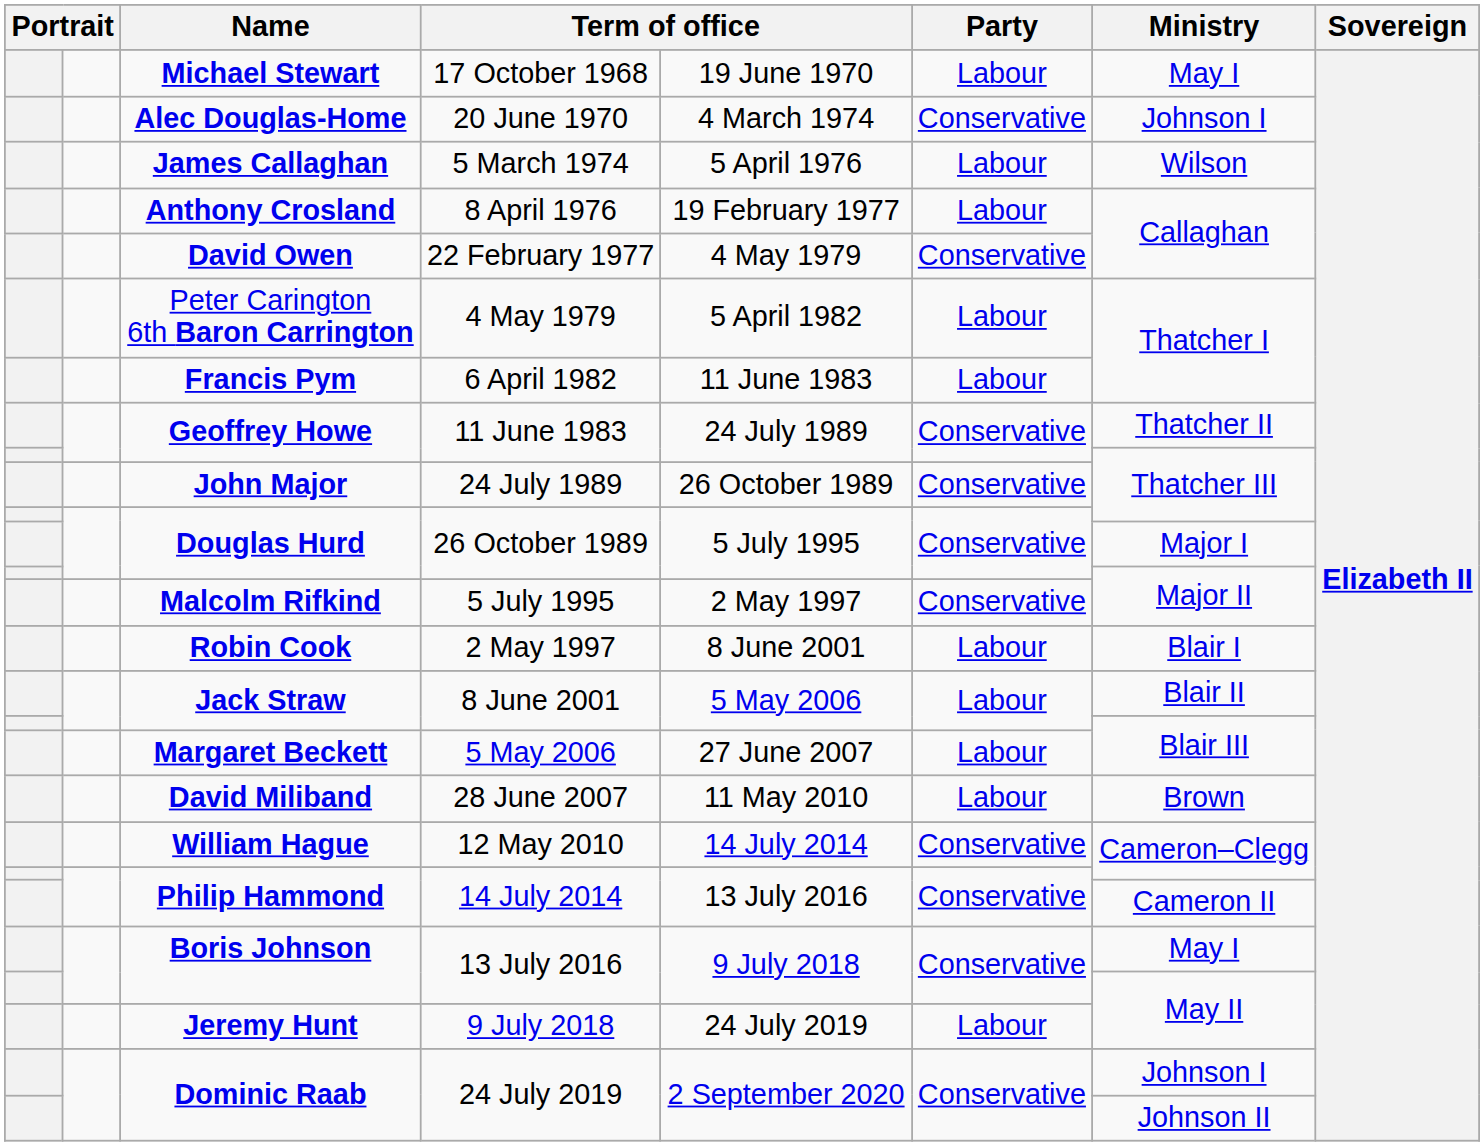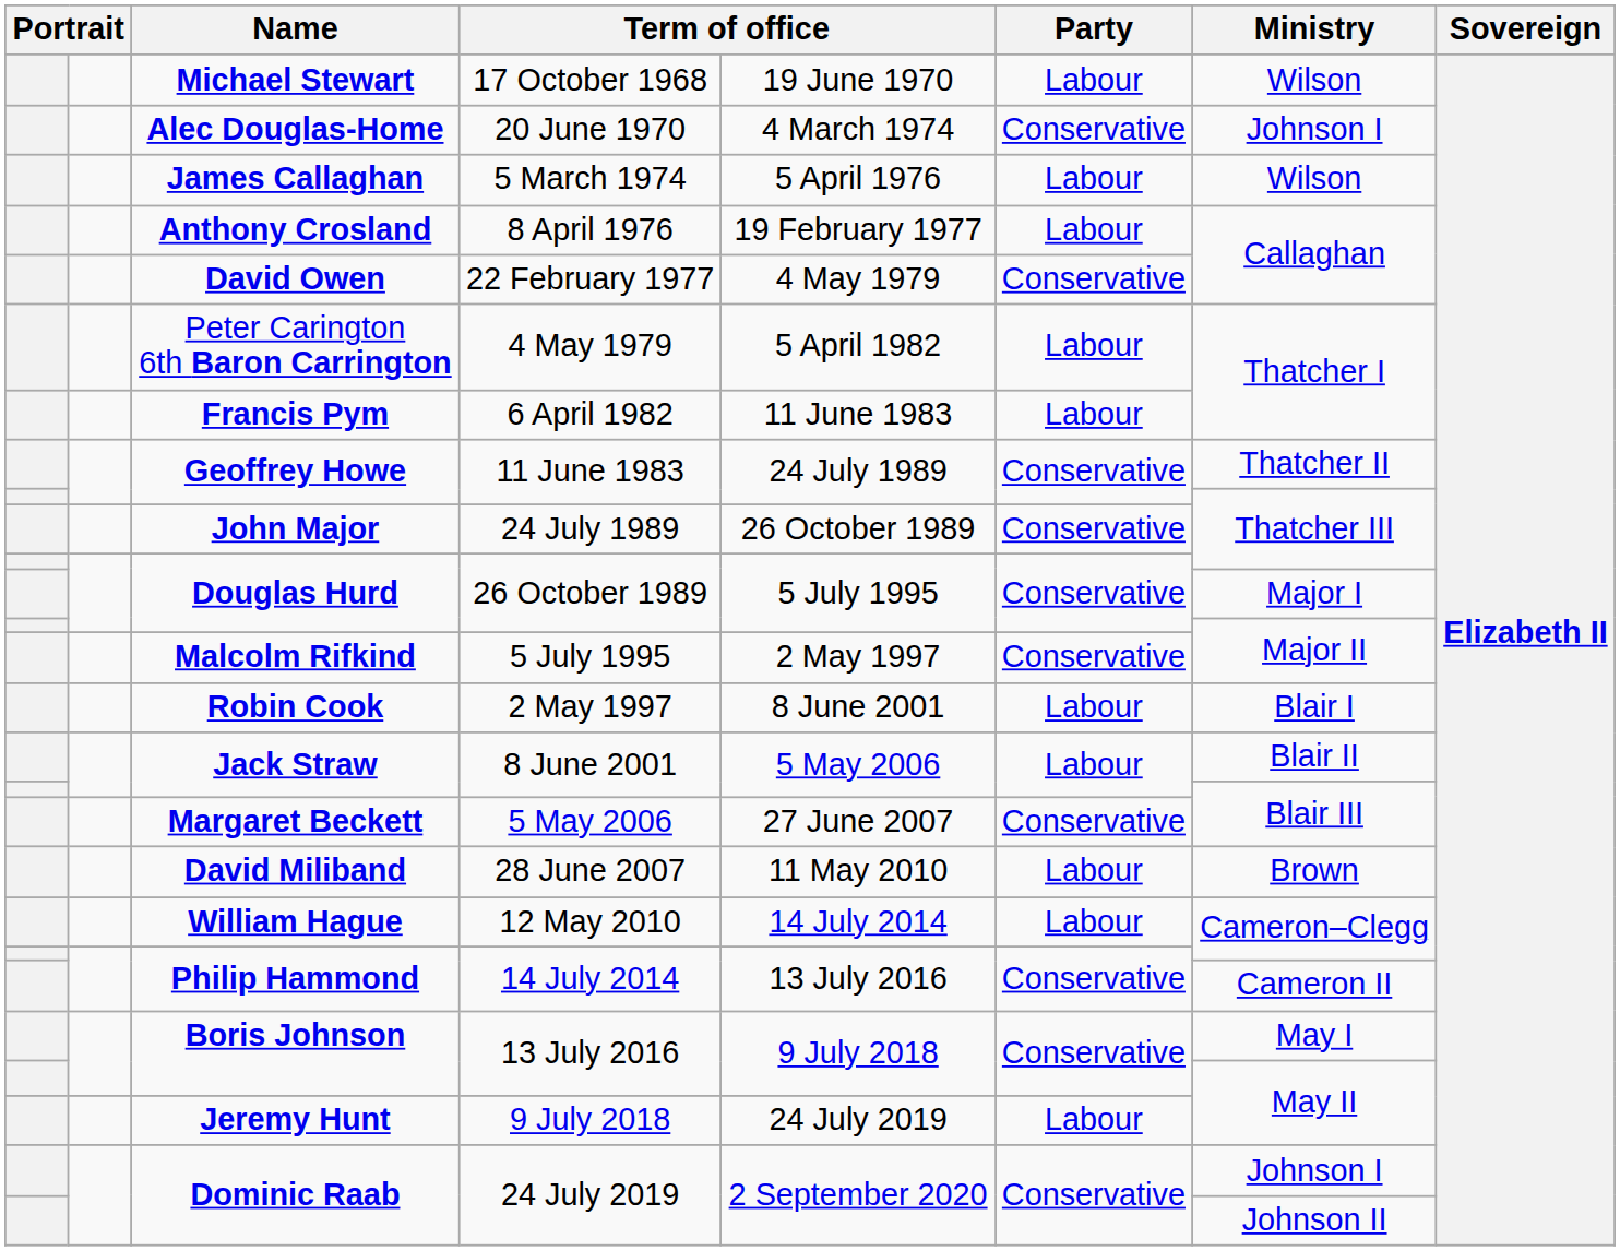 <table class="wikitable plainrowheaders" style="text-align:center">
 <tr>
 <th colspan=2>Portrait</th>
 <th>Name<br></th>
 <th colspan=2>Term of office</th>
 <th>Party</th>
 <th>Ministry</th>
 <th>Sovereign<br></th>
 </tr>
 <tr>
 <th style="background-color: "></th>
 <td></td>
 <td><strong><a href='#'>Michael Stewart</a></strong><br></td>
 <td>17 October 1968</td>
 <td>19 June 1970</td>
 <td><a href='#'>Labour</a></td>
-<td><a href='#'>May I</a></td>
+<td><a href='#'>Wilson<br></a></td>
 <th rowspan="27" scope="row" style="text-align:center"><strong><a href='#'>Elizabeth II</a></strong><br><br></th>
 </tr>
 <tr>
 <th style="background-color: "></th>
 <td></td>
 <td><strong><a href='#'>Alec Douglas-Home</a></strong><br></td>
 <td>20 June 1970</td>
 <td>4 March 1974</td>
 <td><a href='#'>Conservative</a></td>
 <td><a href='#'>Johnson I</a></td>
 </tr>
 <tr>
 <th style="background-color: "></th>
 <td></td>
 <td><strong><a href='#'>James Callaghan</a></strong><br></td>
 <td>5 March 1974</td>
 <td>5 April 1976</td>
 <td><a href='#'>Labour</a></td>
 <td><a href='#'>Wilson<br></a></td>
 </tr>
 <tr>
 <th style="background-color: "></th>
 <td></td>
 <td><strong><a href='#'>Anthony Crosland</a></strong><br></td>
 <td>8 April 1976</td>
 <td>19 February 1977</td>
 <td><a href='#'>Labour</a></td>
 <td rowspan=2 ><a href='#'>Callaghan</a></td>
 </tr>
 <tr>
 <th style="background-color: "></th>
 <td></td>
 <td><strong><a href='#'>David Owen</a></strong><br></td>
 <td>22 February 1977</td>
 <td>4 May 1979</td>
 <td><a href='#'>Conservative</a></td>
 </tr>
 <tr>
 <th style="background-color: "></th>
 <td></td>
 <td><a href='#'>Peter Carington<br>6th <strong>Baron Carrington</strong></a><br></td>
 <td>4 May 1979</td>
 <td>5 April 1982</td>
 <td><a href='#'>Labour</a></td>
 <td rowspan=2 ><a href='#'>Thatcher I</a></td>
 </tr>
 <tr>
 <th style="background-color: "></th>
 <td></td>
 <td><strong><a href='#'>Francis Pym</a></strong><br></td>
 <td>6 April 1982</td>
 <td>11 June 1983</td>
 <td><a href='#'>Labour</a></td>
 </tr>
 <tr>
 <th style="background-color: "></th>
 <td rowspan=2></td>
 <td rowspan=2><strong><a href='#'>Geoffrey Howe</a></strong><br></td>
 <td rowspan=2>11 June 1983</td>
 <td rowspan=2>24 July 1989</td>
 <td rowspan=2 ><a href='#'>Conservative</a></td>
 <td><a href='#'>Thatcher II</a></td>
 </tr>
 <tr>
 <th style="background-color: "></th>
 <td rowspan=3 ><a href='#'>Thatcher III</a></td>
 </tr>
 <tr>
 <th style="background-color: "></th>
 <td></td>
 <td><strong><a href='#'>John Major</a></strong><br></td>
 <td>24 July 1989</td>
 <td>26 October 1989</td>
 <td><a href='#'>Conservative</a></td>
 </tr>
 <tr>
 <th style="background-color: "></th>
 <td rowspan=3></td>
 <td rowspan=3><strong><a href='#'>Douglas Hurd</a></strong><br></td>
 <td rowspan=3>26 October 1989</td>
 <td rowspan=3>5 July 1995</td>
 <td rowspan=3 ><a href='#'>Conservative</a></td>
 </tr>
 <tr>
 <th style="background-color: "></th>
 <td><a href='#'>Major I</a></td>
 </tr>
 <tr>
 <th style="background-color: "></th>
 <td rowspan=2 ><a href='#'>Major II</a></td>
 </tr>
 <tr>
 <th style="background-color: "></th>
 <td></td>
 <td><strong><a href='#'>Malcolm Rifkind</a></strong><br></td>
 <td>5 July 1995</td>
 <td>2 May 1997</td>
 <td><a href='#'>Conservative</a></td>
 </tr>
 <tr>
 <th style="background-color: "></th>
 <td></td>
 <td><strong><a href='#'>Robin Cook</a></strong><br></td>
 <td>2 May 1997</td>
 <td>8 June 2001</td>
 <td><a href='#'>Labour</a></td>
 <td><a href='#'>Blair I</a></td>
 </tr>
 <tr>
 <th style="background-color: "></th>
 <td rowspan=2></td>
 <td rowspan=2><strong><a href='#'>Jack Straw</a></strong><br></td>
 <td rowspan=2>8 June 2001</td>
 <td rowspan=2><a href='#'>5 May 2006</a></td>
 <td rowspan=2 ><a href='#'>Labour</a></td>
 <td><a href='#'>Blair II</a></td>
 </tr>
 <tr>
 <th style="background-color: "></th>
 <td rowspan=2 ><a href='#'>Blair III</a></td>
 </tr>
 <tr>
 <th style="background-color: "></th>
 <td></td>
 <td><strong><a href='#'>Margaret Beckett</a></strong><br></td>
 <td><a href='#'>5 May 2006</a></td>
 <td>27 June 2007</td>
-<td><a href='#'>Labour</a></td>
+<td><a href='#'>Conservative</a></td>
 </tr>
 <tr>
 <th style="background-color: "></th>
 <td></td>
 <td><strong><a href='#'>David Miliband</a></strong><br></td>
 <td>28 June 2007</td>
 <td>11 May 2010</td>
 <td><a href='#'>Labour</a></td>
 <td><a href='#'>Brown</a></td>
 </tr>
 <tr>
 <th style="background-color: "></th>
 <td></td>
 <td><strong><a href='#'>William Hague</a></strong><br></td>
 <td>12 May 2010</td>
 <td><a href='#'>14 July 2014</a></td>
-<td><a href='#'>Conservative</a></td>
+<td><a href='#'>Labour</a></td>
 <td rowspan=2 ><a href='#'>Cameron–Clegg</a><br></td>
 </tr>
 <tr>
 <th style="background-color: "></th>
 <td rowspan=2></td>
 <td rowspan=2><strong><a href='#'>Philip Hammond</a></strong><br></td>
 <td rowspan=2><a href='#'>14 July 2014</a></td>
 <td rowspan=2>13 July 2016</td>
 <td rowspan=2 ><a href='#'>Conservative</a></td>
 </tr>
 <tr>
 <th style="background-color: "></th>
 <td><a href='#'>Cameron II</a></td>
 </tr>
 <tr>
 <th style="background-color: "></th>
 <td rowspan=2></td>
 <td rowspan=2><strong><a href='#'>Boris Johnson</a></strong><br><br></td>
 <td rowspan=2>13 July 2016</td>
 <td rowspan=2><a href='#'>9 July 2018</a></td>
 <td rowspan=2 ><a href='#'>Conservative</a></td>
 <td><a href='#'>May I</a></td>
 </tr>
 <tr>
 <th style="background-color: "></th>
 <td rowspan=2 ><a href='#'>May II</a></td>
 </tr>
 <tr>
 <th style="background-color: "></th>
 <td></td>
 <td><strong><a href='#'>Jeremy Hunt</a></strong><br></td>
 <td><a href='#'>9 July 2018</a></td>
 <td>24 July 2019</td>
 <td><a href='#'>Labour</a></td>
 </tr>
 <tr>
 <th style="background-color: "></th>
 <td rowspan=2></td>
 <td rowspan=2><strong><a href='#'>Dominic Raab</a></strong><br></td>
 <td rowspan=2>24 July 2019</td>
 <td rowspan=2><a href='#'>2 September 2020</a></td>
 <td rowspan=2 ><a href='#'>Conservative</a></td>
 <td><a href='#'>Johnson I</a></td>
 </tr>
 <tr>
 <th style="background-color: "></th>
 <td><a href='#'>Johnson II</a></td>
 </tr>
 </table>
